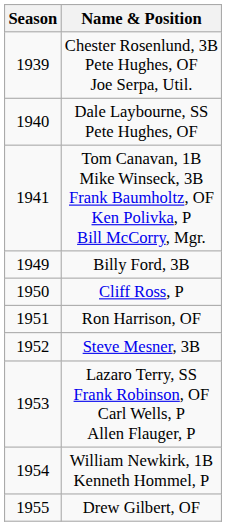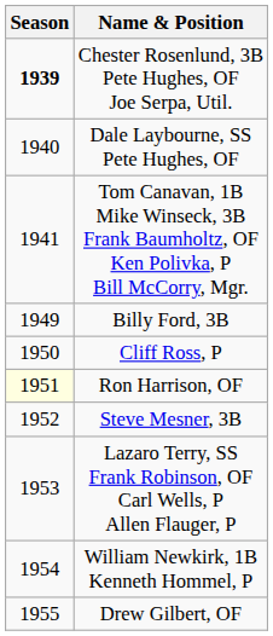 <table class="wikitable" style="text-align:center; font-size: 95%;">
 <tr>
 <th>Season</th>
 <th>Name & Position</th>
 </tr>
 <tr>
-<td>1939</td>
+<td><strong>1939</strong></td>
 <td>Chester Rosenlund, 3B<br>Pete Hughes, OF<br>Joe Serpa, Util.</td>
 </tr>
 <tr>
 <td>1940</td>
 <td>Dale Laybourne, SS<br>Pete Hughes, OF</td>
 </tr>
 <tr>
 <td>1941</td>
 <td>Tom Canavan, 1B<br>Mike Winseck, 3B<br><a href='#'>Frank Baumholtz</a>, OF<br><a href='#'>Ken Polivka</a>, P<br><a href='#'>Bill McCorry</a>, Mgr.</td>
 </tr>
 <tr>
 <td>1949</td>
 <td>Billy Ford, 3B</td>
 </tr>
 <tr>
 <td>1950</td>
 <td><a href='#'>Cliff Ross</a>, P</td>
 </tr>
 <tr>
-<td>1951</td>
+<td style="background: lightyellow;">1951</td>
 <td>Ron Harrison, OF</td>
 </tr>
 <tr>
 <td>1952</td>
 <td><a href='#'>Steve Mesner</a>, 3B</td>
 </tr>
 <tr>
 <td>1953</td>
 <td>Lazaro Terry, SS<br><a href='#'>Frank Robinson</a>, OF<br>Carl Wells, P<br>Allen Flauger, P</td>
 </tr>
 <tr>
 <td>1954</td>
 <td>William Newkirk, 1B<br>Kenneth Hommel, P</td>
 </tr>
 <tr>
 <td>1955</td>
 <td>Drew Gilbert, OF</td>
 </tr>
 </table>
